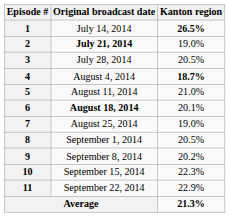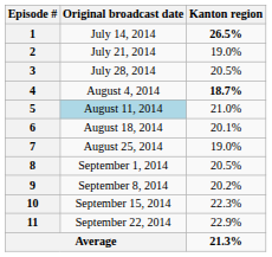 <table class=wikitable style="text-align:center">
 <tr>
 <th>Episode #</th>
 <th>Original broadcast date</th>
 <th>Kanton region</th>
 </tr>
 <tr>
 <th>1</th>
 <td>July 14, 2014</td>
 <td><span><strong>26.5% </strong></span></td>
 </tr>
 <tr>
 <th>2</th>
-<td><strong>July 21, 2014</strong></td>
+<td>July 21, 2014</td>
 <td>19.0%</td>
 </tr>
 <tr>
 <th>3</th>
 <td>July 28, 2014</td>
 <td>20.5%</td>
 </tr>
 <tr>
 <th>4</th>
 <td>August 4, 2014</td>
 <td><span><strong>18.7% </strong></span></td>
 </tr>
 <tr>
 <th>5</th>
-<td>August 11, 2014</td>
+<td style="background: lightblue;">August 11, 2014</td>
 <td>21.0%</td>
 </tr>
 <tr>
 <th>6</th>
-<td><strong>August 18, 2014</strong></td>
+<td>August 18, 2014</td>
 <td>20.1%</td>
 </tr>
 <tr>
 <th>7</th>
 <td>August 25, 2014</td>
 <td>19.0%</td>
 </tr>
 <tr>
 <th>8</th>
 <td>September 1, 2014</td>
 <td>20.5%</td>
 </tr>
 <tr>
 <th>9</th>
 <td>September 8, 2014</td>
 <td>20.2%</td>
 </tr>
 <tr>
 <th>10</th>
 <td>September 15, 2014</td>
 <td>22.3%</td>
 </tr>
 <tr>
 <th>11</th>
 <td>September 22, 2014</td>
 <td>22.9%</td>
 </tr>
 <tr>
 <th colspan="2">Average</th>
 <td><span> <strong>21.3%</strong></span></td>
 </tr>
 </table>
